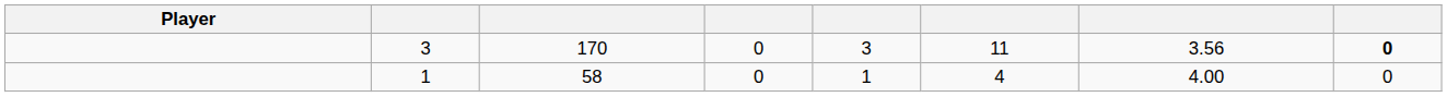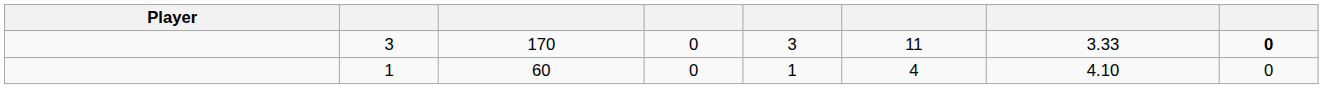 <table class="wikitable sortable" style="width:100%;">
 <tr style="text-align:center; background:#ddd;">
 <th>Player</th>
 <th></th>
 <th></th>
 <th></th>
 <th></th>
 <th></th>
 <th></th>
 <th></th>
 </tr>
 <tr align=center>
 <td></td>
 <td>3</td>
 <td>170</td>
 <td>0</td>
 <td>3</td>
 <td>11</td>
-<td>3.56</td>
+<td>3.33</td>
 <td><strong>0</strong></td>
 </tr>
 <tr align=center>
 <td></td>
 <td>1</td>
-<td>58</td>
+<td>60</td>
 <td>0</td>
 <td>1</td>
 <td>4</td>
-<td>4.00</td>
+<td>4.10</td>
 <td>0</td>
 </tr>
 </table>
